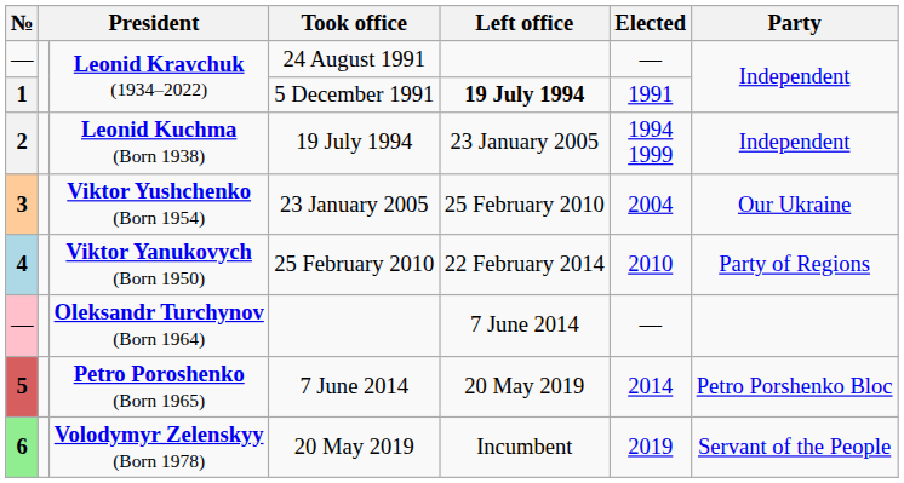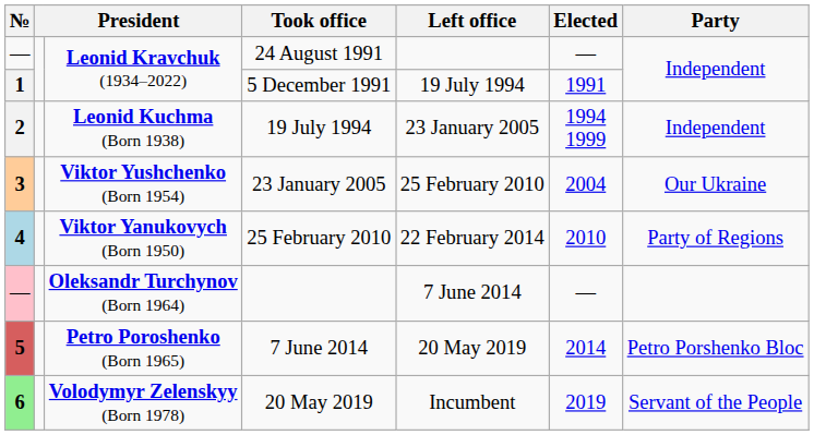 <table class="wikitable" style="text-align:center;">
 <tr>
 <th>№</th>
 <th colspan=2>President</th>
 <th>Took office</th>
 <th>Left office</th>
 <th>Elected</th>
 <th>Party</th>
 </tr>
 <tr>
 <td style="background:">—</td>
 <td rowspan="2"></td>
 <td rowspan="2"><strong><a href='#'>Leonid Kravchuk</a></strong><br><small>(1934–2022)</small></td>
 <td>24 August 1991</td>
 <td></td>
 <td>—</td>
 <td rowspan="2"><a href='#'>Independent</a></td>
 </tr>
 <tr>
 <th style="background:">1</th>
 <td>5 December 1991</td>
-<td><strong>19 July 1994</strong></td>
+<td>19 July 1994</td>
 <td><a href='#'>1991</a></td>
 </tr>
 <tr>
 <th style="background:">2</th>
 <td></td>
 <td><strong><a href='#'>Leonid Kuchma</a></strong><br><small>(Born 1938)</small></td>
 <td>19 July 1994</td>
 <td>23 January 2005</td>
 <td><a href='#'>1994</a><br><a href='#'>1999</a></td>
 <td><a href='#'>Independent</a></td>
 </tr>
 <tr>
 <th style="background:#ffcc99;">3</th>
 <td></td>
 <td><strong><a href='#'>Viktor Yushchenko</a></strong><br><small>(Born 1954)</small></td>
 <td>23 January 2005</td>
 <td>25 February 2010</td>
 <td><a href='#'>2004</a></td>
 <td><a href='#'>Our Ukraine</a></td>
 </tr>
 <tr>
 <th style="background:#ADD8E6">4</th>
 <td></td>
 <td><strong><a href='#'>Viktor Yanukovych</a></strong><br><small>(Born 1950)</small></td>
 <td>25 February 2010</td>
 <td>22 February 2014</td>
 <td><a href='#'>2010</a></td>
 <td><a href='#'>Party of Regions</a></td>
 </tr>
 <tr>
 <td style="background:#FFC0CB; color:black">—</td>
 <td></td>
 <td><strong><a href='#'>Oleksandr Turchynov</a></strong><br><small>(Born 1964)</small></td>
 <td></td>
 <td>7 June 2014</td>
 <td>—</td>
 <td></td>
 </tr>
 <tr>
 <th style="background:#D65E5E">5</th>
 <td></td>
 <td><strong><a href='#'>Petro Poroshenko</a></strong><br><small>(Born 1965)</small></td>
 <td>7 June 2014</td>
 <td>20 May 2019</td>
 <td><a href='#'>2014</a></td>
 <td><a href='#'>Petro Porshenko Bloc</a></td>
 </tr>
 <tr>
 <th style="background:#90EE90">6</th>
 <td></td>
 <td><strong><a href='#'>Volodymyr Zelenskyy</a></strong><br><small>(Born 1978)</small></td>
 <td>20 May 2019</td>
 <td>Incumbent</td>
 <td><a href='#'>2019</a></td>
 <td><a href='#'>Servant of the People</a></td>
 </tr>
 </table>
